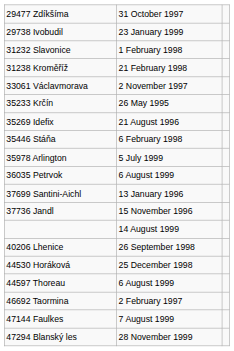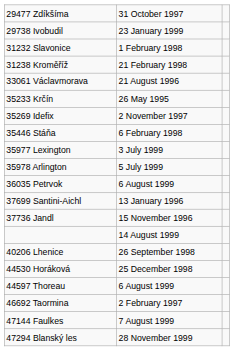 <table class="wikitable" style="font-size: 89%; float: left; width: 26em; margin-right: 1em; height: 560px;">
 <tr>
 <td>29477 Zdíkšíma</td>
 <td>31 October 1997</td>
 <td> </td>
 </tr>
 <tr>
 <td>29738 Ivobudil</td>
 <td>23 January 1999</td>
 <td> </td>
 </tr>
 <tr>
 <td>31232 Slavonice</td>
 <td>1 February 1998</td>
 <td> </td>
 </tr>
 <tr>
 <td>31238 Kroměříž</td>
 <td>21 February 1998</td>
 <td> </td>
 </tr>
 <tr>
 <td>33061 Václavmorava</td>
-<td>2 November 1997</td>
+<td>21 August 1996</td>
 <td> </td>
 </tr>
 <tr>
 <td>35233 Krčín</td>
 <td>26 May 1995</td>
 <td> </td>
 </tr>
 <tr>
 <td>35269 Idefix</td>
-<td>21 August 1996</td>
+<td>2 November 1997</td>
 <td> </td>
 </tr>
 <tr>
 <td>35446 Stáňa</td>
 <td>6 February 1998</td>
+<td> </td>
+</tr>
+<tr>
+<td>35977 Lexington</td>
+<td>3 July 1999</td>
 <td> </td>
 </tr>
 <tr>
 <td>35978 Arlington</td>
 <td>5 July 1999</td>
 <td> </td>
 </tr>
 <tr>
 <td>36035 Petrvok</td>
 <td>6 August 1999</td>
 <td> </td>
 </tr>
 <tr>
 <td>37699 Santini-Aichl</td>
 <td>13 January 1996</td>
 <td> </td>
 </tr>
 <tr>
 <td>37736 Jandl</td>
 <td>15 November 1996</td>
 <td> </td>
 </tr>
 <tr>
 <td></td>
 <td>14 August 1999</td>
 <td> </td>
 </tr>
 <tr>
 <td>40206 Lhenice</td>
 <td>26 September 1998</td>
 <td> </td>
 </tr>
 <tr>
 <td>44530 Horáková</td>
 <td>25 December 1998</td>
 <td> </td>
 </tr>
 <tr>
 <td>44597 Thoreau</td>
 <td>6 August 1999</td>
 <td> </td>
 </tr>
 <tr>
 <td>46692 Taormina</td>
 <td>2 February 1997</td>
 <td> </td>
 </tr>
 <tr>
 <td>47144 Faulkes</td>
 <td>7 August 1999</td>
 <td> </td>
 </tr>
 <tr>
 <td>47294 Blanský les</td>
 <td>28 November 1999</td>
 <td> </td>
 </tr>
 </table>
